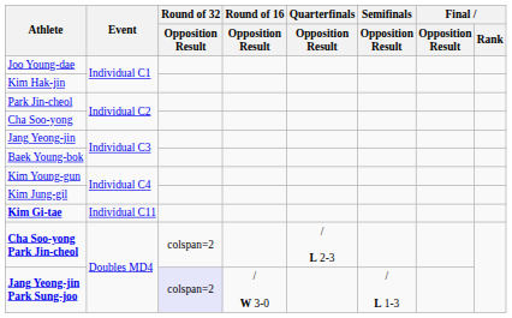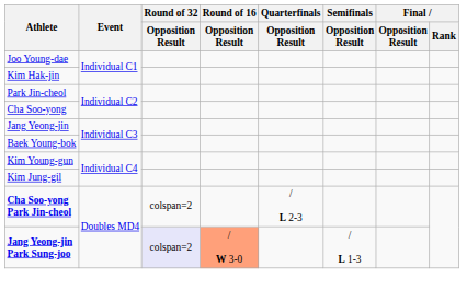 <table class=wikitable style="font-size:90%">
 <tr align=center>
 <th rowspan="2">Athlete</th>
 <th rowspan="2">Event</th>
 <th>Round of 32</th>
 <th>Round of 16</th>
 <th>Quarterfinals</th>
 <th>Semifinals</th>
 <th colspan="2">Final / </th>
 </tr>
 <tr>
 <th>Opposition<br>Result</th>
 <th>Opposition<br>Result</th>
 <th>Opposition<br>Result</th>
 <th>Opposition<br>Result</th>
 <th>Opposition<br>Result</th>
 <th>Rank</th>
 </tr>
 <tr align=center>
 <td align=left><a href='#'>Joo Young-dae</a></td>
 <td align=left rowspan=2><a href='#'>Individual C1</a></td>
 <td></td>
 <td></td>
 <td></td>
 <td></td>
 <td></td>
 <td></td>
 </tr>
 <tr align=center>
 <td align=left><a href='#'>Kim Hak-jin</a></td>
 <td></td>
 <td></td>
 <td></td>
 <td></td>
 <td></td>
 <td></td>
 </tr>
 <tr align=center>
 <td align=left><a href='#'>Park Jin-cheol</a></td>
 <td align=left rowspan=2><a href='#'>Individual C2</a></td>
 <td></td>
 <td></td>
 <td></td>
 <td></td>
 <td></td>
 <td></td>
 </tr>
 <tr align=center>
 <td align=left><a href='#'>Cha Soo-yong</a></td>
 <td></td>
 <td></td>
 <td></td>
 <td></td>
 <td></td>
 <td></td>
 </tr>
 <tr align=center>
 <td align=left><a href='#'>Jang Yeong-jin</a></td>
 <td align=left rowspan=2><a href='#'>Individual C3</a></td>
 <td></td>
 <td></td>
 <td></td>
 <td></td>
 <td></td>
 <td></td>
 </tr>
 <tr align=center>
 <td align=left><a href='#'>Baek Young-bok</a></td>
 <td></td>
 <td></td>
 <td></td>
 <td></td>
 <td></td>
 <td></td>
 </tr>
 <tr align=center>
 <td align=left><a href='#'>Kim Young-gun</a></td>
 <td align=left rowspan=2><a href='#'>Individual C4</a></td>
 <td></td>
 <td></td>
 <td></td>
 <td></td>
 <td></td>
 <td></td>
 </tr>
 <tr align=center>
 <td align=left><a href='#'>Kim Jung-gil</a></td>
 <td></td>
 <td></td>
 <td></td>
 <td></td>
 <td></td>
 <td></td>
 </tr>
 <tr align=center>
-<td align=left><strong><a href='#'>Kim Gi-tae</a></strong></td>
-<td align=left><a href='#'>Individual C11</a></td>
-<td></td>
-<td></td>
-<td></td>
-<td></td>
-<td></td>
-<td></td>
-</tr>
-<tr align=center>
 <td align=left><strong><a href='#'>Cha Soo-yong</a><br><a href='#'>Park Jin-cheol</a></strong></td>
 <td align=left rowspan=2><a href='#'>Doubles MD4</a></td>
 <td>colspan=2 </td>
 <td></td>
 <td>/<br><br><strong>L</strong> 2-3</td>
 <td></td>
 <td></td>
 </tr>
 <tr align=center>
 <td align=left><strong><a href='#'>Jang Yeong-jin</a><br><a href='#'>Park Sung-joo</a></strong></td>
 <td style="background: lavender;">colspan=2 </td>
-<td>/<br><br><strong>W</strong> 3-0</td>
+<td style="background: lightsalmon;">/<br><br><strong>W</strong> 3-0</td>
 <td></td>
 <td>/<br><br><strong>L</strong> 1-3</td>
 <td></td>
 </tr>
 </table>
